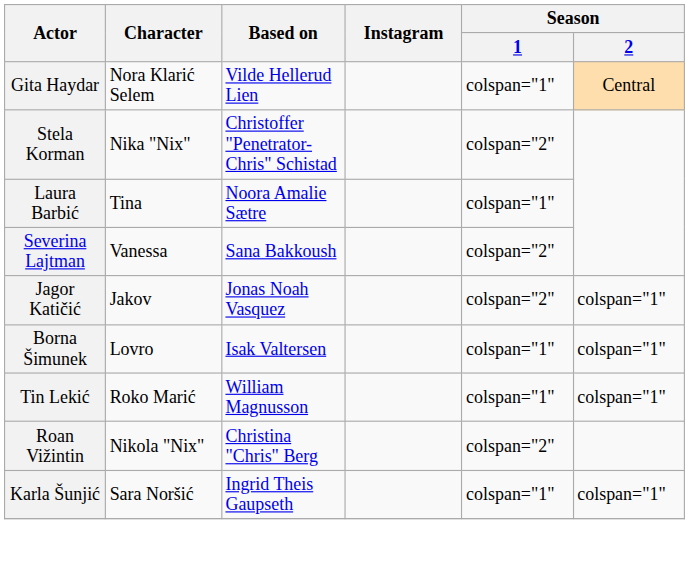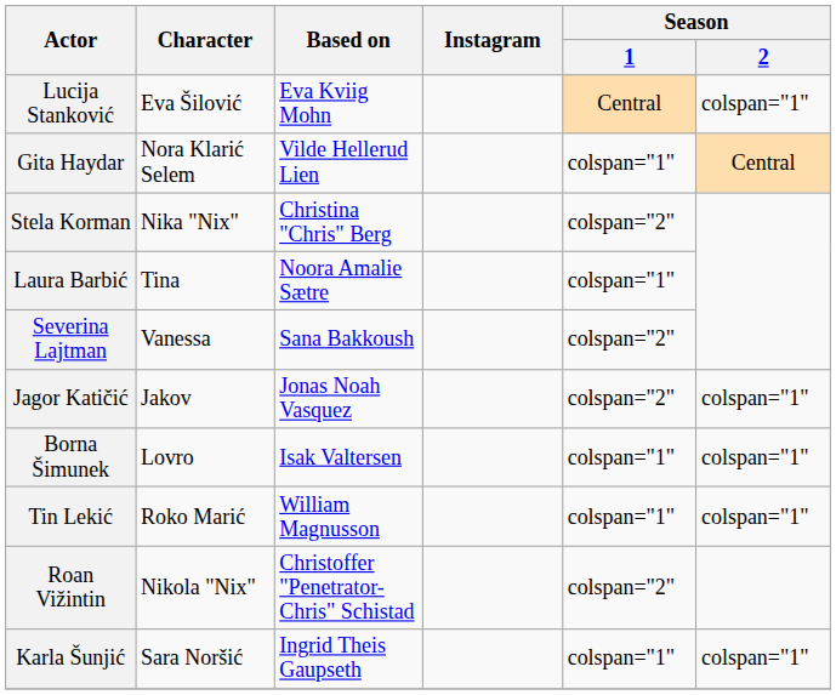 <table class="wikitable style="text-align:center; font-size:85%; width:100%">
 <tr>
 <th rowspan="2" scope="col" style="width:10%;">Actor</th>
 <th rowspan="2" scope="col" style="width:10%;">Character</th>
 <th rowspan="2" scope="col" style="width:10%;">Based on</th>
 <th rowspan="2" scope="col" style="width:10%;">Instagram</th>
 <th colspan="2" scope="col" style="width:10%;">Season</th>
 </tr>
 <tr>
 <th><a href='#'>1</a></th>
 <th><a href='#'>2</a></th>
 </tr>
 <tr>
+<th style="font-weight:normal">Lucija Stanković</th>
+<td>Eva Šilović</td>
+<td><a href='#'>Eva Kviig Mohn</a></td>
+<td></td>
+<td style="background:#ffdead; text-align:center">Central</td>
+<td>colspan="1" </td>
+</tr>
+<tr>
 <th style="font-weight:normal">Gita Haydar</th>
 <td>Nora Klarić Selem</td>
 <td><a href='#'>Vilde Hellerud Lien</a></td>
 <td></td>
 <td>colspan="1" </td>
 <td style="background:#ffdead; text-align:center">Central</td>
 </tr>
 <tr>
 <th style="font-weight:normal">Stela Korman</th>
 <td>Nika "Nix"</td>
-<td><a href='#'>Christoffer "Penetrator-Chris" Schistad</a></td>
+<td><a href='#'>Christina "Chris" Berg</a></td>
 <td></td>
 <td>colspan="2" </td>
 </tr>
 <tr>
 <th style="font-weight:normal">Laura Barbić</th>
 <td>Tina</td>
 <td><a href='#'>Noora Amalie Sætre</a></td>
 <td></td>
 <td>colspan="1" </td>
 </tr>
 <tr>
 <th style="font-weight:normal"><a href='#'>Severina Lajtman</a></th>
 <td>Vanessa</td>
 <td><a href='#'>Sana Bakkoush</a></td>
 <td></td>
 <td>colspan="2" </td>
 </tr>
 <tr>
 <th style="font-weight:normal">Jagor Katičić</th>
 <td>Jakov</td>
 <td><a href='#'>Jonas Noah Vasquez</a></td>
 <td></td>
 <td>colspan="2" </td>
 <td>colspan="1" </td>
 </tr>
 <tr>
 <th style="font-weight:normal">Borna Šimunek</th>
 <td>Lovro</td>
 <td><a href='#'>Isak Valtersen</a></td>
 <td></td>
 <td>colspan="1" </td>
 <td>colspan="1" </td>
 </tr>
 <tr>
 <th style="font-weight:normal">Tin Lekić</th>
 <td>Roko Marić</td>
 <td><a href='#'>William Magnusson</a></td>
 <td></td>
 <td>colspan="1" </td>
 <td>colspan="1" </td>
 </tr>
 <tr>
 <th style="font-weight:normal">Roan Vižintin</th>
 <td>Nikola "Nix"</td>
-<td><a href='#'>Christina "Chris" Berg</a></td>
+<td><a href='#'>Christoffer "Penetrator-Chris" Schistad</a></td>
 <td></td>
 <td>colspan="2" </td>
 </tr>
 <tr>
 <th style="font-weight:normal">Karla Šunjić</th>
 <td>Sara Noršić</td>
 <td><a href='#'>Ingrid Theis Gaupseth</a></td>
 <td></td>
 <td>colspan="1" </td>
 <td>colspan="1" </td>
 </tr>
 <tr>
 </tr>
 </table>
